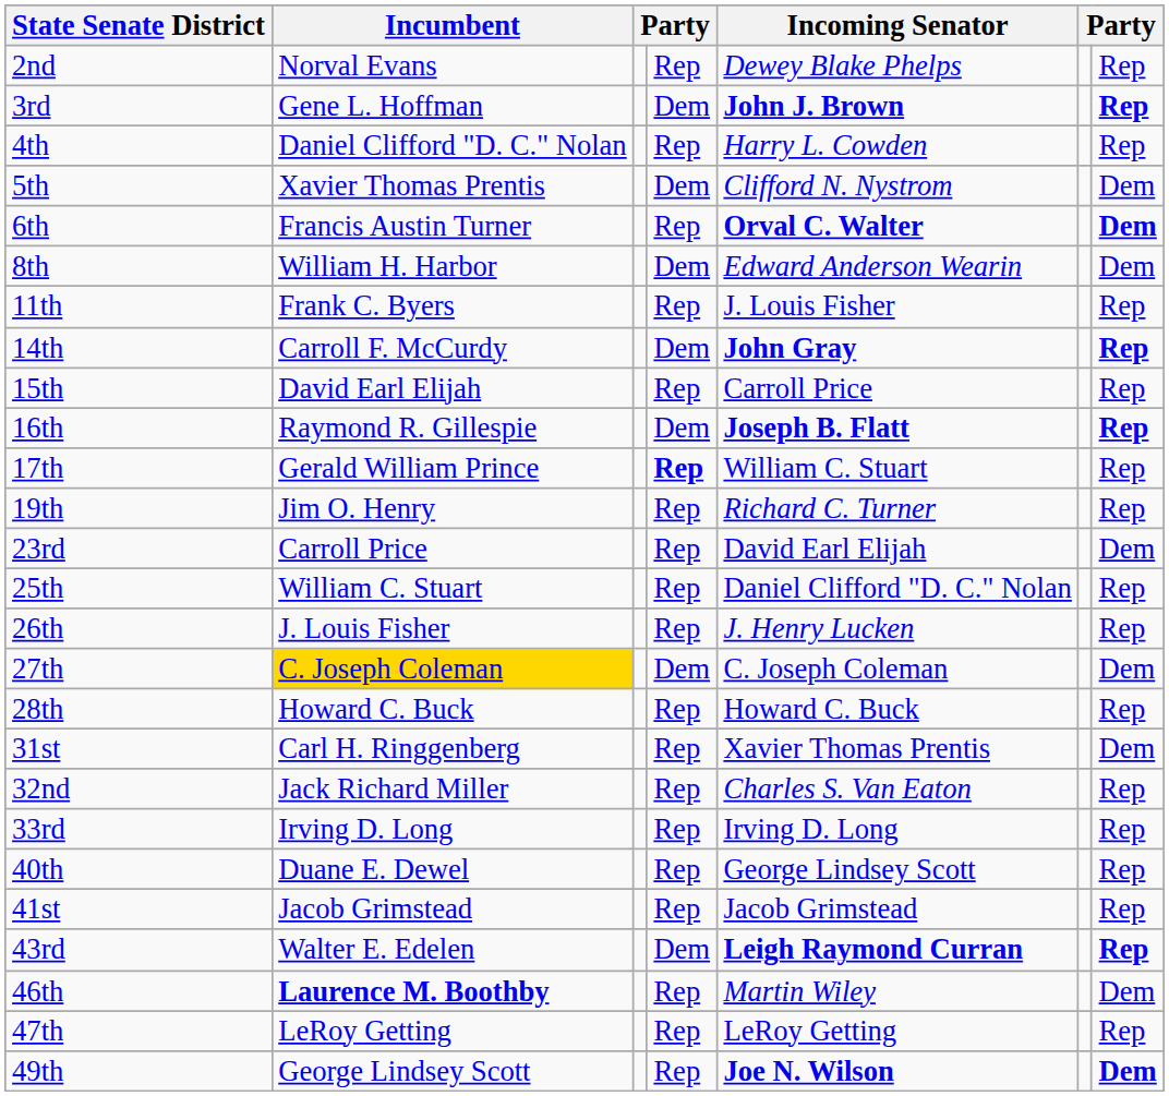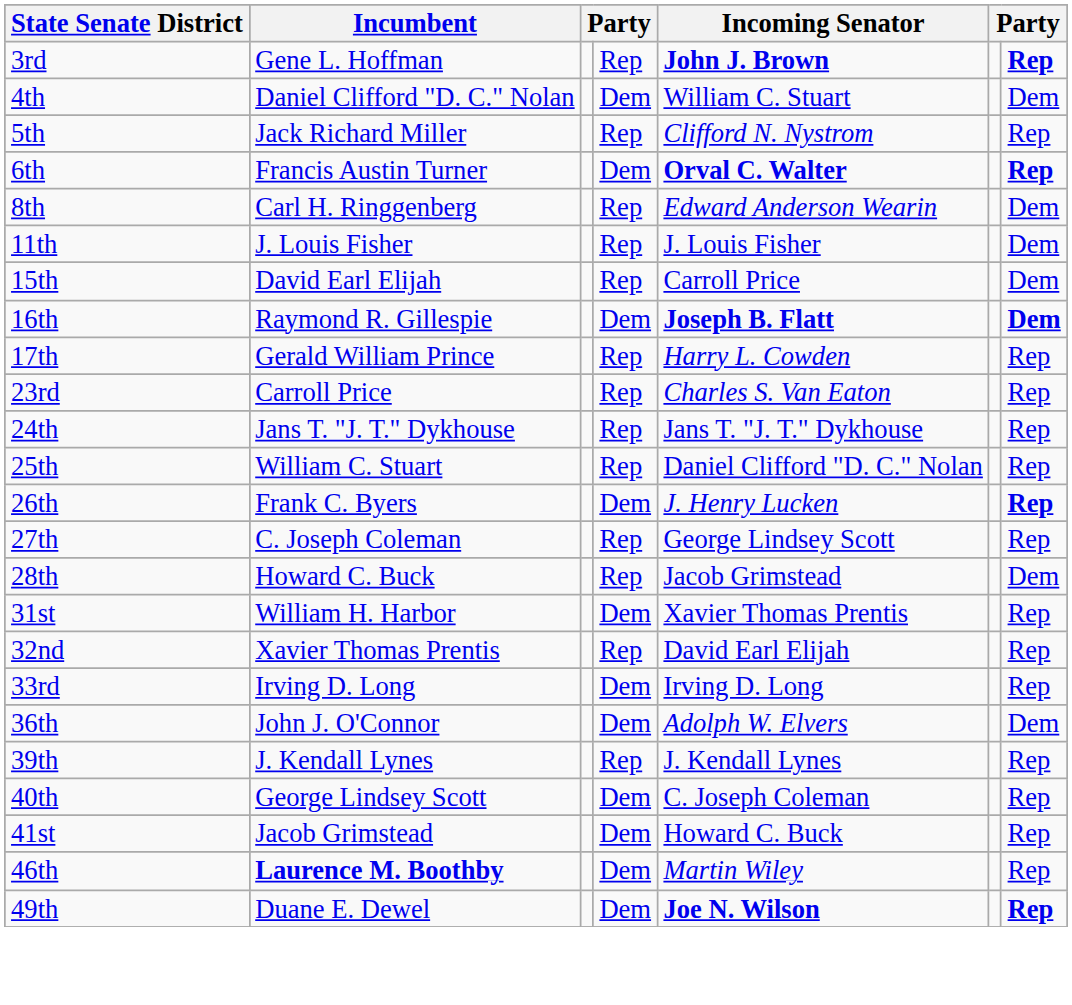 <table class="sortable wikitable" style="font-size:95%;line-height:14px;">
 <tr>
 <th class="unsortable"><a href='#'>State Senate</a> District</th>
 <th class="unsortable"><a href='#'>Incumbent</a></th>
 <th colspan="2">Party</th>
 <th class="unsortable">Incoming Senator</th>
 <th colspan="2">Party</th>
 </tr>
 <tr>
-<td><a href='#'>2nd</a></td>
-<td><a href='#'>Norval Evans</a></td>
-<td style="background:"></td>
-<td><a href='#'>Rep</a></td>
-<td><em><a href='#'>Dewey Blake Phelps</a></em></td>
-<td style="background:"></td>
-<td><a href='#'>Rep</a></td>
-</tr>
-<tr>
 <td><a href='#'>3rd</a></td>
 <td><a href='#'>Gene L. Hoffman</a></td>
 <td style="background:"></td>
-<td><a href='#'>Dem</a></td>
+<td><a href='#'>Rep</a></td>
 <td><strong><a href='#'>John J. Brown</a></strong></td>
 <td style="background:"></td>
 <td><strong><a href='#'>Rep</a></strong></td>
 </tr>
 <tr>
 <td><a href='#'>4th</a></td>
 <td><a href='#'>Daniel Clifford "D. C." Nolan</a></td>
 <td style="background:"></td>
-<td><a href='#'>Rep</a></td>
-<td><em><a href='#'>Harry L. Cowden</a></em></td>
+<td><a href='#'>Dem</a></td>
+<td><a href='#'>William C. Stuart</a></td>
 <td style="background:"></td>
-<td><a href='#'>Rep</a></td>
+<td><a href='#'>Dem</a></td>
 </tr>
 <tr>
 <td><a href='#'>5th</a></td>
-<td><a href='#'>Xavier Thomas Prentis</a></td>
+<td><a href='#'>Jack Richard Miller</a></td>
 <td style="background:"></td>
-<td><a href='#'>Dem</a></td>
+<td><a href='#'>Rep</a></td>
 <td><em><a href='#'>Clifford N. Nystrom</a></em></td>
 <td style="background:"></td>
-<td><a href='#'>Dem</a></td>
+<td><a href='#'>Rep</a></td>
 </tr>
 <tr>
 <td><a href='#'>6th</a></td>
 <td><a href='#'>Francis Austin Turner</a></td>
 <td style="background:"></td>
-<td><a href='#'>Rep</a></td>
+<td><a href='#'>Dem</a></td>
 <td><strong><a href='#'>Orval C. Walter</a></strong></td>
 <td style="background:"></td>
-<td><strong><a href='#'>Dem</a></strong></td>
+<td><strong><a href='#'>Rep</a></strong></td>
 </tr>
 <tr>
 <td><a href='#'>8th</a></td>
-<td><a href='#'>William H. Harbor</a></td>
+<td><a href='#'>Carl H. Ringgenberg</a></td>
 <td style="background:"></td>
-<td><a href='#'>Dem</a></td>
+<td><a href='#'>Rep</a></td>
 <td><em><a href='#'>Edward Anderson Wearin</a></em></td>
 <td style="background:"></td>
 <td><a href='#'>Dem</a></td>
 </tr>
 <tr>
 <td><a href='#'>11th</a></td>
-<td><a href='#'>Frank C. Byers</a></td>
+<td><a href='#'>J. Louis Fisher</a></td>
 <td style="background:"></td>
 <td><a href='#'>Rep</a></td>
 <td><a href='#'>J. Louis Fisher</a></td>
 <td style="background:"></td>
-<td><a href='#'>Rep</a></td>
-</tr>
-<tr>
-<td><a href='#'>14th</a></td>
-<td><a href='#'>Carroll F. McCurdy</a></td>
-<td style="background:"></td>
 <td><a href='#'>Dem</a></td>
-<td><strong><a href='#'>John Gray</a></strong></td>
-<td style="background:"></td>
-<td><strong><a href='#'>Rep</a></strong></td>
 </tr>
 <tr>
 <td><a href='#'>15th</a></td>
 <td><a href='#'>David Earl Elijah</a></td>
 <td style="background:"></td>
 <td><a href='#'>Rep</a></td>
 <td><a href='#'>Carroll Price</a></td>
 <td style="background:"></td>
-<td><a href='#'>Rep</a></td>
+<td><a href='#'>Dem</a></td>
 </tr>
 <tr>
 <td><a href='#'>16th</a></td>
 <td><a href='#'>Raymond R. Gillespie</a></td>
 <td style="background:"></td>
 <td><a href='#'>Dem</a></td>
 <td><strong><a href='#'>Joseph B. Flatt</a></strong></td>
 <td style="background:"></td>
-<td><strong><a href='#'>Rep</a></strong></td>
+<td><strong><a href='#'>Dem</a></strong></td>
 </tr>
 <tr>
 <td><a href='#'>17th</a></td>
 <td><a href='#'>Gerald William Prince</a></td>
 <td style="background:"></td>
-<td><strong><a href='#'>Rep</a></strong></td>
-<td><a href='#'>William C. Stuart</a></td>
-<td style="background:"></td>
 <td><a href='#'>Rep</a></td>
-</tr>
-<tr>
-<td><a href='#'>19th</a></td>
-<td><a href='#'>Jim O. Henry</a></td>
-<td style="background:"></td>
-<td><a href='#'>Rep</a></td>
-<td><em><a href='#'>Richard C. Turner</a></em></td>
+<td><em><a href='#'>Harry L. Cowden</a></em></td>
 <td style="background:"></td>
 <td><a href='#'>Rep</a></td>
 </tr>
 <tr>
 <td><a href='#'>23rd</a></td>
 <td><a href='#'>Carroll Price</a></td>
 <td style="background:"></td>
 <td><a href='#'>Rep</a></td>
-<td><a href='#'>David Earl Elijah</a></td>
+<td><em><a href='#'>Charles S. Van Eaton</a></em></td>
 <td style="background:"></td>
-<td><a href='#'>Dem</a></td>
+<td><a href='#'>Rep</a></td>
+</tr>
+<tr>
+<td><a href='#'>24th</a></td>
+<td><a href='#'>Jans T. "J. T." Dykhouse</a></td>
+<td style="background:"></td>
+<td><a href='#'>Rep</a></td>
+<td><a href='#'>Jans T. "J. T." Dykhouse</a></td>
+<td style="background:"></td>
+<td><a href='#'>Rep</a></td>
 </tr>
 <tr>
 <td><a href='#'>25th</a></td>
 <td><a href='#'>William C. Stuart</a></td>
 <td style="background:"></td>
 <td><a href='#'>Rep</a></td>
 <td><a href='#'>Daniel Clifford "D. C." Nolan</a></td>
 <td style="background:"></td>
 <td><a href='#'>Rep</a></td>
 </tr>
 <tr>
 <td><a href='#'>26th</a></td>
-<td><a href='#'>J. Louis Fisher</a></td>
+<td><a href='#'>Frank C. Byers</a></td>
 <td style="background:"></td>
-<td><a href='#'>Rep</a></td>
+<td><a href='#'>Dem</a></td>
 <td><em><a href='#'>J. Henry Lucken</a></em></td>
 <td style="background:"></td>
-<td><a href='#'>Rep</a></td>
+<td><strong><a href='#'>Rep</a></strong></td>
 </tr>
 <tr>
 <td><a href='#'>27th</a></td>
-<td style="background: gold;"><a href='#'>C. Joseph Coleman</a></td>
-<td style="background:"></td>
-<td><a href='#'>Dem</a></td>
 <td><a href='#'>C. Joseph Coleman</a></td>
 <td style="background:"></td>
-<td><a href='#'>Dem</a></td>
+<td><a href='#'>Rep</a></td>
+<td><a href='#'>George Lindsey Scott</a></td>
+<td style="background:"></td>
+<td><a href='#'>Rep</a></td>
 </tr>
 <tr>
 <td><a href='#'>28th</a></td>
 <td><a href='#'>Howard C. Buck</a></td>
 <td style="background:"></td>
 <td><a href='#'>Rep</a></td>
-<td><a href='#'>Howard C. Buck</a></td>
+<td><a href='#'>Jacob Grimstead</a></td>
+<td style="background:"></td>
+<td><a href='#'>Dem</a></td>
+</tr>
+<tr>
+<td><a href='#'>31st</a></td>
+<td><a href='#'>William H. Harbor</a></td>
+<td style="background:"></td>
+<td><a href='#'>Dem</a></td>
+<td><a href='#'>Xavier Thomas Prentis</a></td>
 <td style="background:"></td>
 <td><a href='#'>Rep</a></td>
 </tr>
 <tr>
-<td><a href='#'>31st</a></td>
-<td><a href='#'>Carl H. Ringgenberg</a></td>
+<td><a href='#'>32nd</a></td>
+<td><a href='#'>Xavier Thomas Prentis</a></td>
 <td style="background:"></td>
 <td><a href='#'>Rep</a></td>
-<td><a href='#'>Xavier Thomas Prentis</a></td>
-<td style="background:"></td>
-<td><a href='#'>Dem</a></td>
-</tr>
-<tr>
-<td><a href='#'>32nd</a></td>
-<td><a href='#'>Jack Richard Miller</a></td>
-<td style="background:"></td>
-<td><a href='#'>Rep</a></td>
-<td><em><a href='#'>Charles S. Van Eaton</a></em></td>
+<td><a href='#'>David Earl Elijah</a></td>
 <td style="background:"></td>
 <td><a href='#'>Rep</a></td>
 </tr>
 <tr>
 <td><a href='#'>33rd</a></td>
 <td><a href='#'>Irving D. Long</a></td>
 <td style="background:"></td>
-<td><a href='#'>Rep</a></td>
+<td><a href='#'>Dem</a></td>
 <td><a href='#'>Irving D. Long</a></td>
 <td style="background:"></td>
 <td><a href='#'>Rep</a></td>
 </tr>
 <tr>
-<td><a href='#'>40th</a></td>
-<td><a href='#'>Duane E. Dewel</a></td>
+<td><a href='#'>36th</a></td>
+<td><a href='#'>John J. O'Connor</a></td>
+<td style="background:"></td>
+<td><a href='#'>Dem</a></td>
+<td><em><a href='#'>Adolph W. Elvers</a></em></td>
+<td style="background:"></td>
+<td><a href='#'>Dem</a></td>
+</tr>
+<tr>
+<td><a href='#'>39th</a></td>
+<td><a href='#'>J. Kendall Lynes</a></td>
 <td style="background:"></td>
 <td><a href='#'>Rep</a></td>
+<td><a href='#'>J. Kendall Lynes</a></td>
+<td style="background:"></td>
+<td><a href='#'>Rep</a></td>
+</tr>
+<tr>
+<td><a href='#'>40th</a></td>
 <td><a href='#'>George Lindsey Scott</a></td>
+<td style="background:"></td>
+<td><a href='#'>Dem</a></td>
+<td><a href='#'>C. Joseph Coleman</a></td>
 <td style="background:"></td>
 <td><a href='#'>Rep</a></td>
 </tr>
 <tr>
 <td><a href='#'>41st</a></td>
 <td><a href='#'>Jacob Grimstead</a></td>
 <td style="background:"></td>
-<td><a href='#'>Rep</a></td>
-<td><a href='#'>Jacob Grimstead</a></td>
+<td><a href='#'>Dem</a></td>
+<td><a href='#'>Howard C. Buck</a></td>
 <td style="background:"></td>
 <td><a href='#'>Rep</a></td>
-</tr>
-<tr>
-<td><a href='#'>43rd</a></td>
-<td><a href='#'>Walter E. Edelen</a></td>
-<td style="background:"></td>
-<td><a href='#'>Dem</a></td>
-<td><strong><a href='#'>Leigh Raymond Curran</a></strong></td>
-<td style="background:"></td>
-<td><strong><a href='#'>Rep</a></strong></td>
 </tr>
 <tr>
 <td><a href='#'>46th</a></td>
 <td><strong><a href='#'>Laurence M. Boothby</a></strong></td>
 <td style="background:"></td>
-<td><a href='#'>Rep</a></td>
+<td><a href='#'>Dem</a></td>
 <td><em><a href='#'>Martin Wiley</a></em></td>
-<td style="background:"></td>
-<td><a href='#'>Dem</a></td>
-</tr>
-<tr>
-<td><a href='#'>47th</a></td>
-<td><a href='#'>LeRoy Getting</a></td>
-<td style="background:"></td>
-<td><a href='#'>Rep</a></td>
-<td><a href='#'>LeRoy Getting</a></td>
 <td style="background:"></td>
 <td><a href='#'>Rep</a></td>
 </tr>
 <tr>
 <td><a href='#'>49th</a></td>
-<td><a href='#'>George Lindsey Scott</a></td>
+<td><a href='#'>Duane E. Dewel</a></td>
 <td style="background:"></td>
-<td><a href='#'>Rep</a></td>
+<td><a href='#'>Dem</a></td>
 <td><strong><a href='#'>Joe N. Wilson</a></strong></td>
 <td style="background:"></td>
-<td><strong><a href='#'>Dem</a></strong></td>
+<td><strong><a href='#'>Rep</a></strong></td>
 </tr>
 <tr>
 </tr>
 </table>
